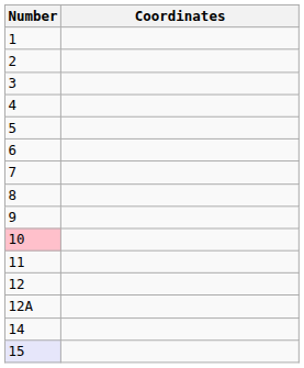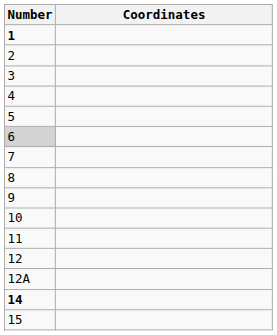 <table class="wikitable sortable">
 <tr>
 <th>Number</th>
 <th width="220">Coordinates</th>
 </tr>
 <tr>
-<td>1</td>
+<td><strong>1</strong></td>
 <td></td>
 </tr>
 <tr>
 <td>2</td>
 <td></td>
 </tr>
 <tr>
 <td>3</td>
 <td></td>
 </tr>
 <tr>
 <td>4</td>
 <td></td>
 </tr>
 <tr>
 <td>5</td>
 <td></td>
 </tr>
 <tr>
-<td>6</td>
+<td style="background: lightgrey;">6</td>
 <td></td>
 </tr>
 <tr>
 <td>7</td>
 <td></td>
 </tr>
 <tr>
 <td>8</td>
 <td></td>
 </tr>
 <tr>
 <td>9</td>
 <td></td>
 </tr>
 <tr>
-<td style="background: pink;">10</td>
+<td>10</td>
 <td></td>
 </tr>
 <tr>
 <td>11</td>
 <td></td>
 </tr>
 <tr>
 <td>12</td>
 <td></td>
 </tr>
 <tr>
 <td>12A</td>
 <td></td>
 </tr>
 <tr>
-<td>14</td>
+<td><strong>14</strong></td>
 <td></td>
 </tr>
 <tr>
-<td style="background: lavender;">15</td>
+<td>15</td>
 <td></td>
 </tr>
 </table>
